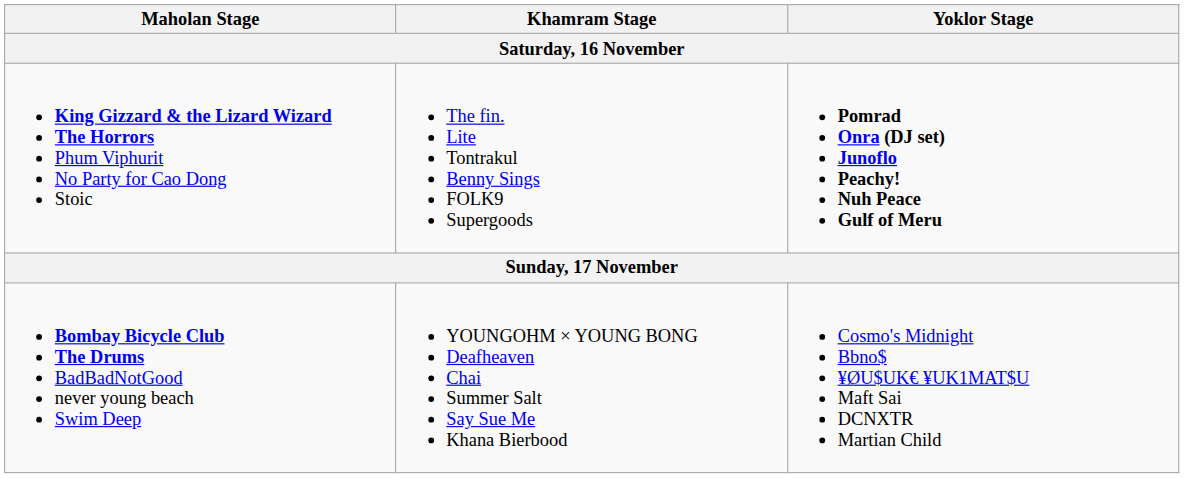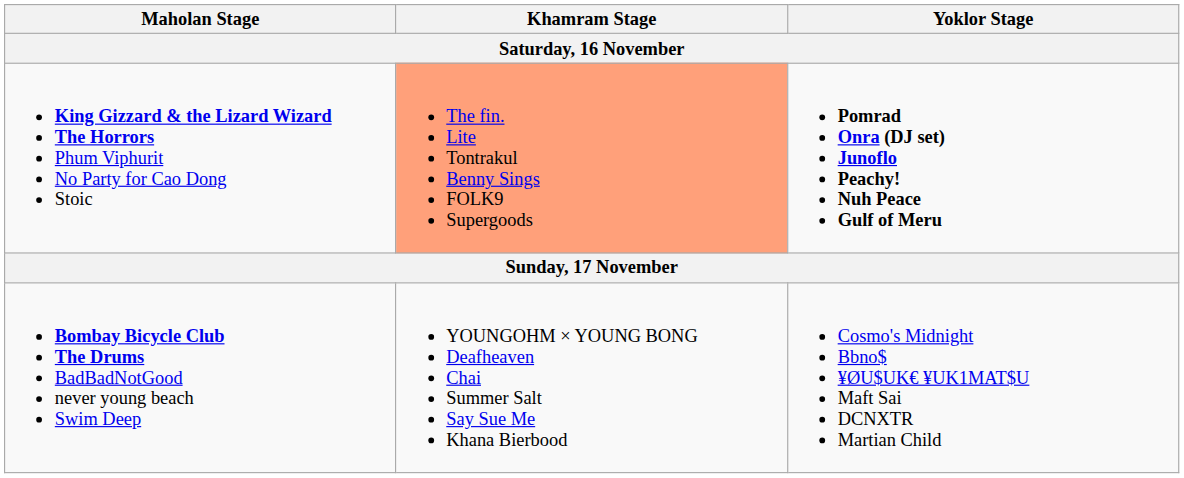 <table class="wikitable">
 <tr>
 <th width="333">Maholan Stage</th>
 <th width="333">Khamram Stage</th>
 <th width="333">Yoklor Stage</th>
 </tr>
 <tr>
 <th colspan="3">Saturday, 16 November</th>
 </tr>
 <tr valign="top">
 <td><br><ul><li><strong><a href='#'>King Gizzard & the Lizard Wizard</a></strong></li><li><strong><a href='#'>The Horrors</a></strong></li><li><a href='#'>Phum Viphurit</a></li><li><a href='#'>No Party for Cao Dong</a></li><li>Stoic</li></ul></td>
-<td><br><ul><li><a href='#'>The fin.</a></li><li><a href='#'>Lite</a></li><li>Tontrakul</li><li><a href='#'>Benny Sings</a></li><li>FOLK9</li><li>Supergoods</li></ul></td>
+<td style="background: lightsalmon;"><br><ul><li><a href='#'>The fin.</a></li><li><a href='#'>Lite</a></li><li>Tontrakul</li><li><a href='#'>Benny Sings</a></li><li>FOLK9</li><li>Supergoods</li></ul></td>
 <td><strong><br><ul><li>Pomrad</li><li><a href='#'>Onra</a> (DJ set)</li><li><a href='#'>Junoflo</a></li><li>Peachy!</li><li>Nuh Peace</li><li>Gulf of Meru</li></ul></strong></td>
 </tr>
 <tr>
 <th colspan="3">Sunday, 17 November</th>
 </tr>
 <tr valign="top">
 <td><br><ul><li><strong><a href='#'>Bombay Bicycle Club</a></strong></li><li><strong><a href='#'>The Drums</a></strong></li><li><a href='#'>BadBadNotGood</a></li><li>never young beach</li><li><a href='#'>Swim Deep</a></li></ul></td>
 <td><br><ul><li>YOUNGOHM × YOUNG BONG</li><li><a href='#'>Deafheaven</a></li><li><a href='#'>Chai</a></li><li>Summer Salt</li><li><a href='#'>Say Sue Me</a></li><li>Khana Bierbood</li></ul></td>
 <td><br><ul><li><a href='#'>Cosmo's Midnight</a></li><li><a href='#'>Bbno$</a></li><li><a href='#'>¥ØU$UK€ ¥UK1MAT$U</a></li><li>Maft Sai</li><li>DCNXTR</li><li>Martian Child</li></ul></td>
 </tr>
 </table>
